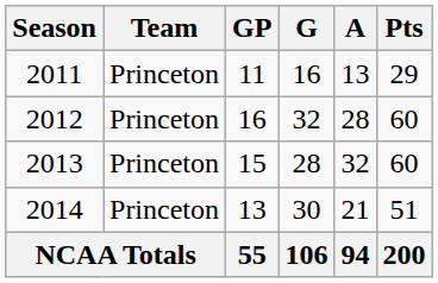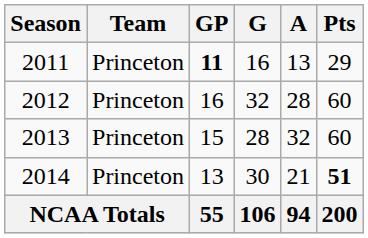 <table class="wikitable" style="text-align:center">
 <tr>
 <th>Season</th>
 <th>Team</th>
 <th>GP</th>
 <th>G</th>
 <th>A</th>
 <th>Pts</th>
 </tr>
 <tr>
 <td>2011</td>
 <td>Princeton</td>
-<td>11</td>
+<td><strong>11</strong></td>
 <td>16</td>
 <td>13</td>
 <td>29</td>
 </tr>
 <tr>
 <td>2012</td>
 <td>Princeton</td>
 <td>16</td>
 <td>32</td>
 <td>28</td>
 <td>60</td>
 </tr>
 <tr>
 <td>2013</td>
 <td>Princeton</td>
 <td>15</td>
 <td>28</td>
 <td>32</td>
 <td>60</td>
 </tr>
 <tr>
 <td>2014</td>
 <td>Princeton</td>
 <td>13</td>
 <td>30</td>
 <td>21</td>
-<td>51</td>
+<td><strong>51</strong></td>
 </tr>
 <tr ALIGN="center" bgcolor="#e0e0e0">
 <th colspan=2>NCAA Totals</th>
 <th>55</th>
 <th>106</th>
 <th>94</th>
 <th>200</th>
 </tr>
 </table>
